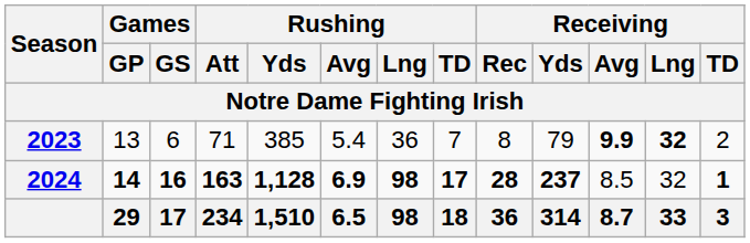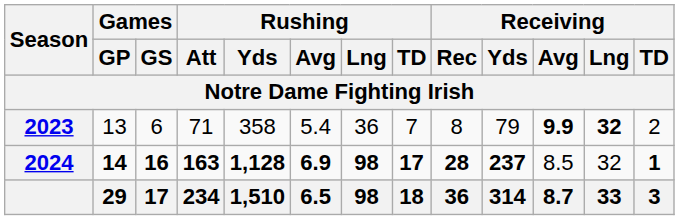 <table class="wikitable" style="text-align:center;">
 <tr>
 <th rowspan="2">Season</th>
 <th colspan="2">Games</th>
 <th colspan="5">Rushing</th>
 <th colspan="5">Receiving</th>
 </tr>
 <tr>
 <th>GP</th>
 <th>GS</th>
 <th>Att</th>
 <th>Yds</th>
 <th>Avg</th>
 <th>Lng</th>
 <th>TD</th>
 <th>Rec</th>
 <th>Yds</th>
 <th>Avg</th>
 <th>Lng</th>
 <th>TD</th>
 </tr>
 <tr>
 <th colspan="16">Notre Dame Fighting Irish</th>
 </tr>
 <tr>
 <th><a href='#'>2023</a></th>
 <td>13</td>
 <td>6</td>
 <td>71</td>
-<td>385</td>
+<td>358</td>
 <td>5.4</td>
 <td>36</td>
 <td>7</td>
 <td>8</td>
 <td>79</td>
 <td><strong>9.9</strong></td>
 <td><strong>32</strong></td>
 <td>2</td>
 </tr>
 <tr>
 <th><a href='#'>2024</a></th>
 <td><strong>14</strong></td>
 <td><strong>16</strong></td>
 <td><strong>163</strong></td>
 <td><strong>1,128</strong></td>
 <td><strong>6.9</strong></td>
 <td><strong>98</strong></td>
 <td><strong>17</strong></td>
 <td><strong>28</strong></td>
 <td><strong>237</strong></td>
 <td>8.5</td>
 <td>32</td>
 <td><strong>1</strong></td>
 </tr>
 <tr>
 <th></th>
 <th>29</th>
 <th>17</th>
 <th>234</th>
 <th>1,510</th>
 <th>6.5</th>
 <th>98</th>
 <th>18</th>
 <th>36</th>
 <th>314</th>
 <th>8.7</th>
 <th>33</th>
 <th>3</th>
 </tr>
 </table>
